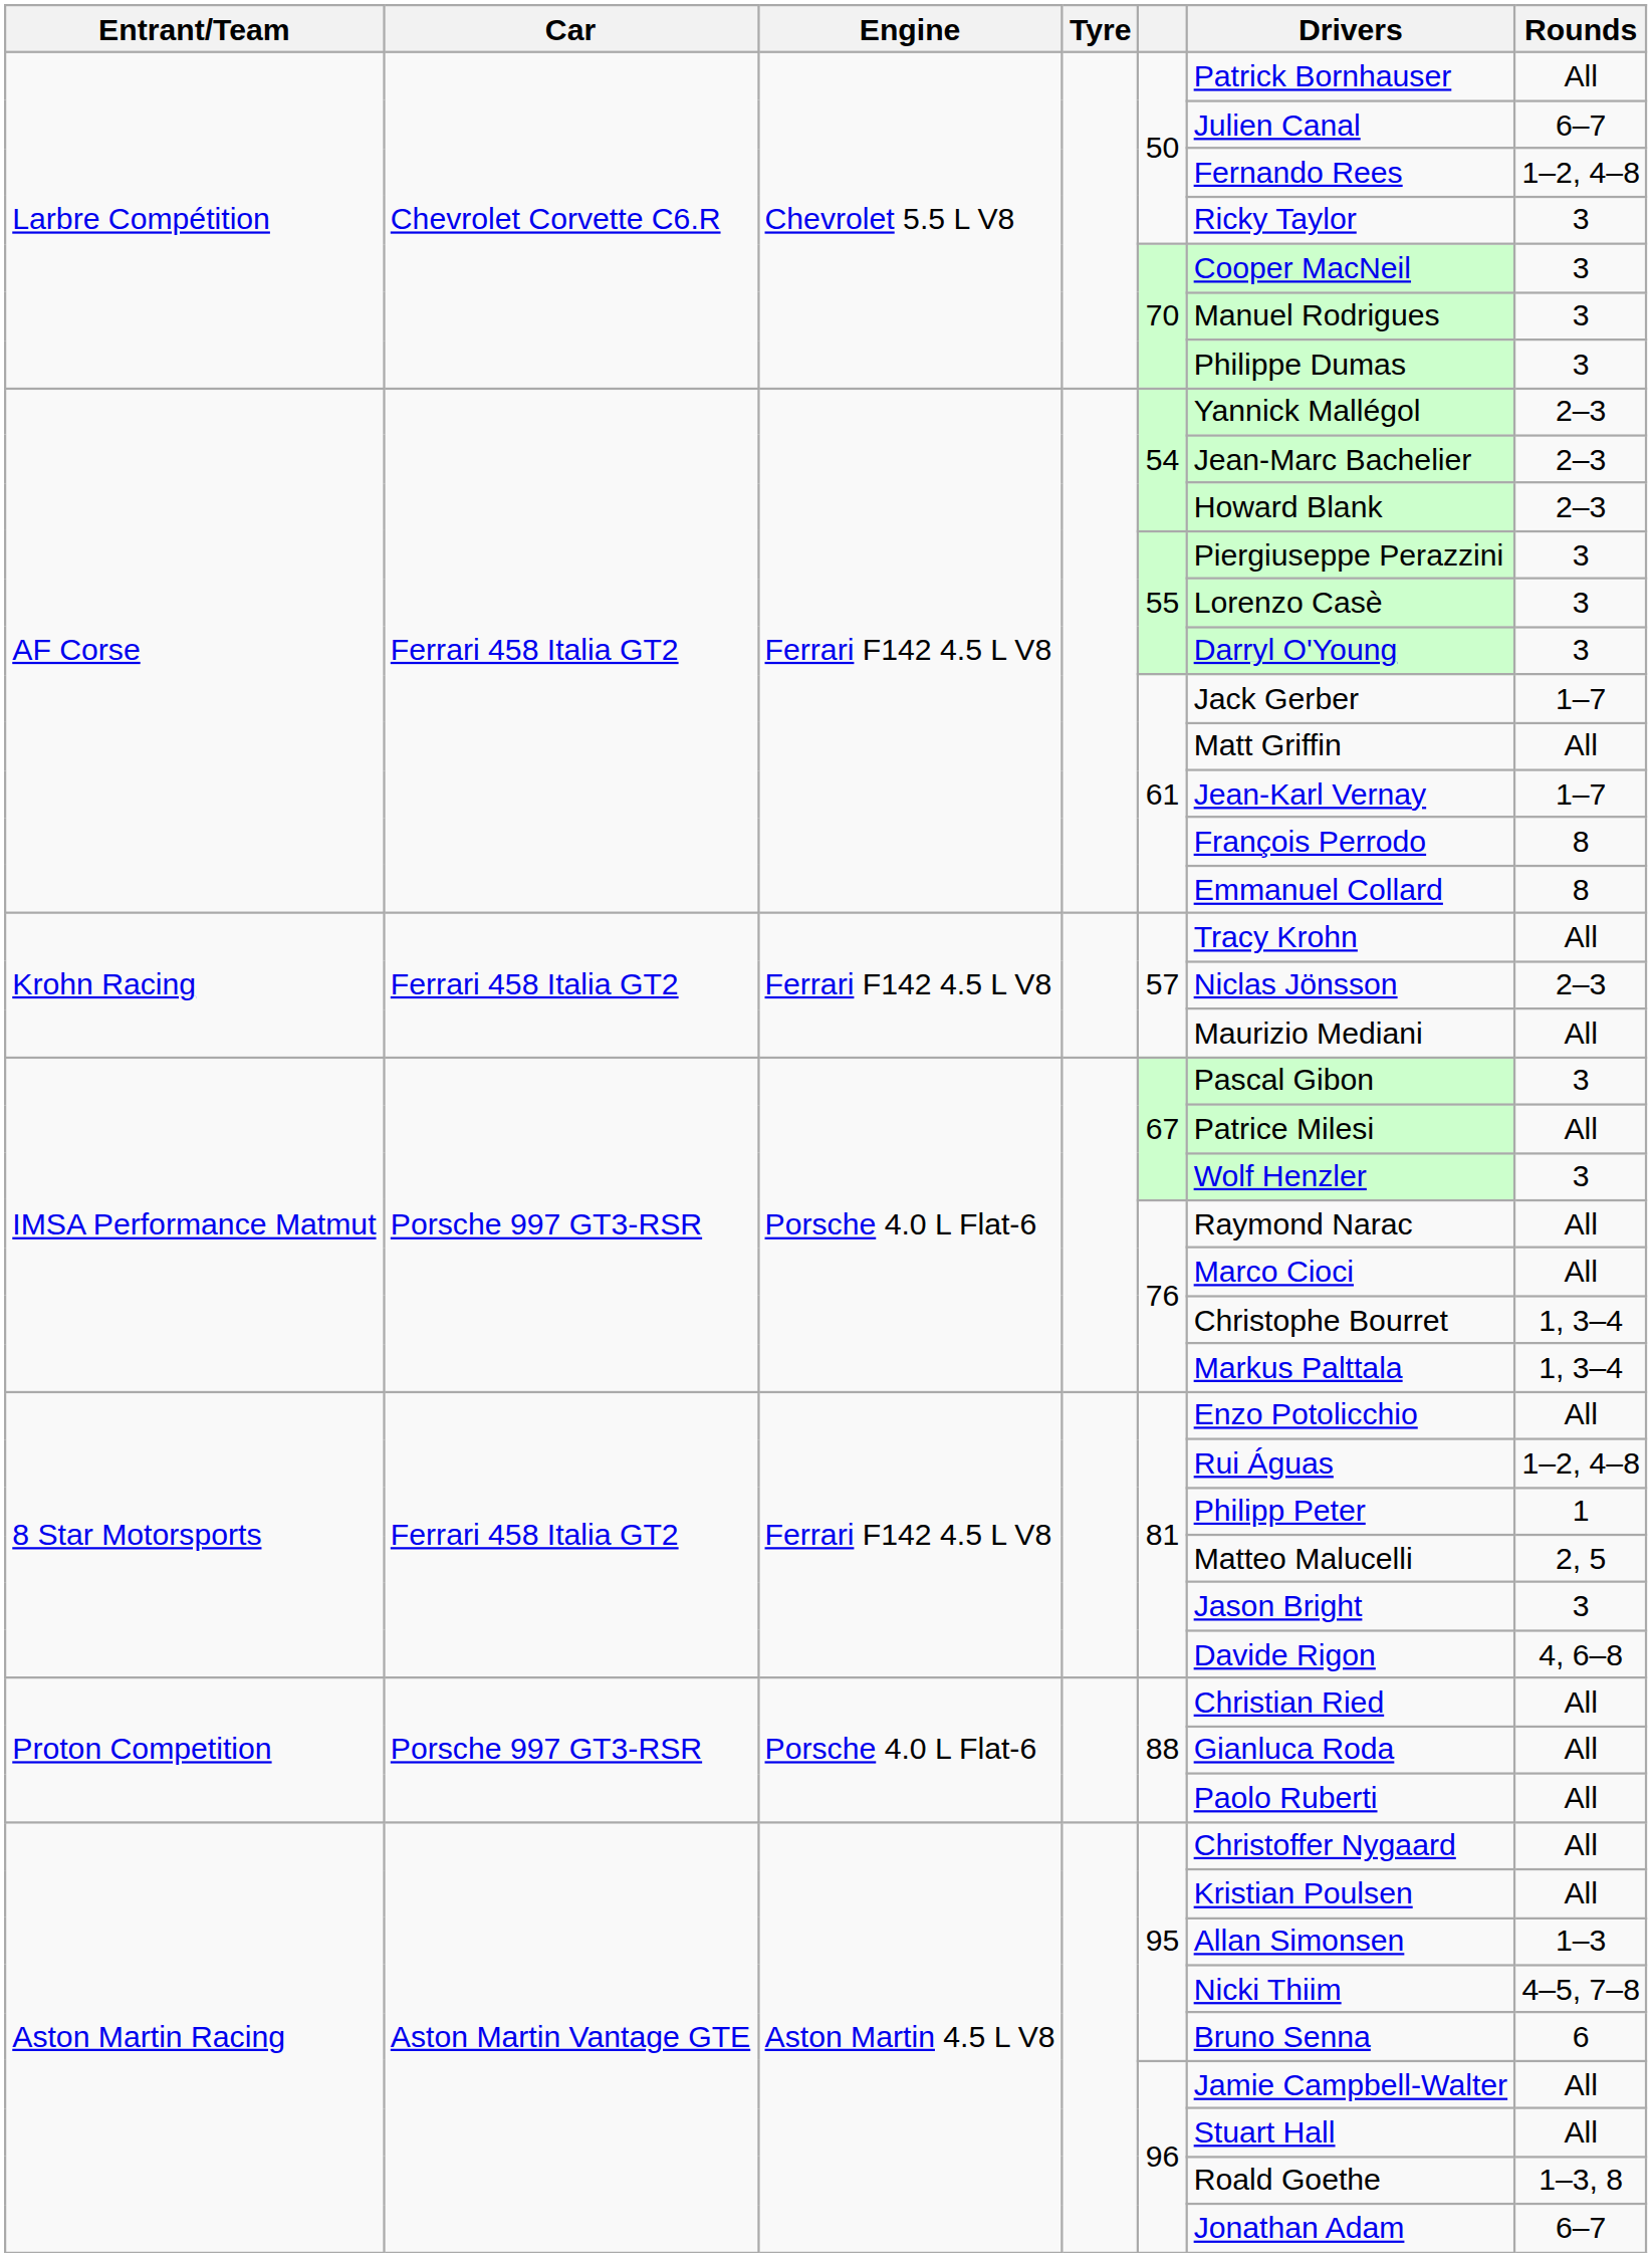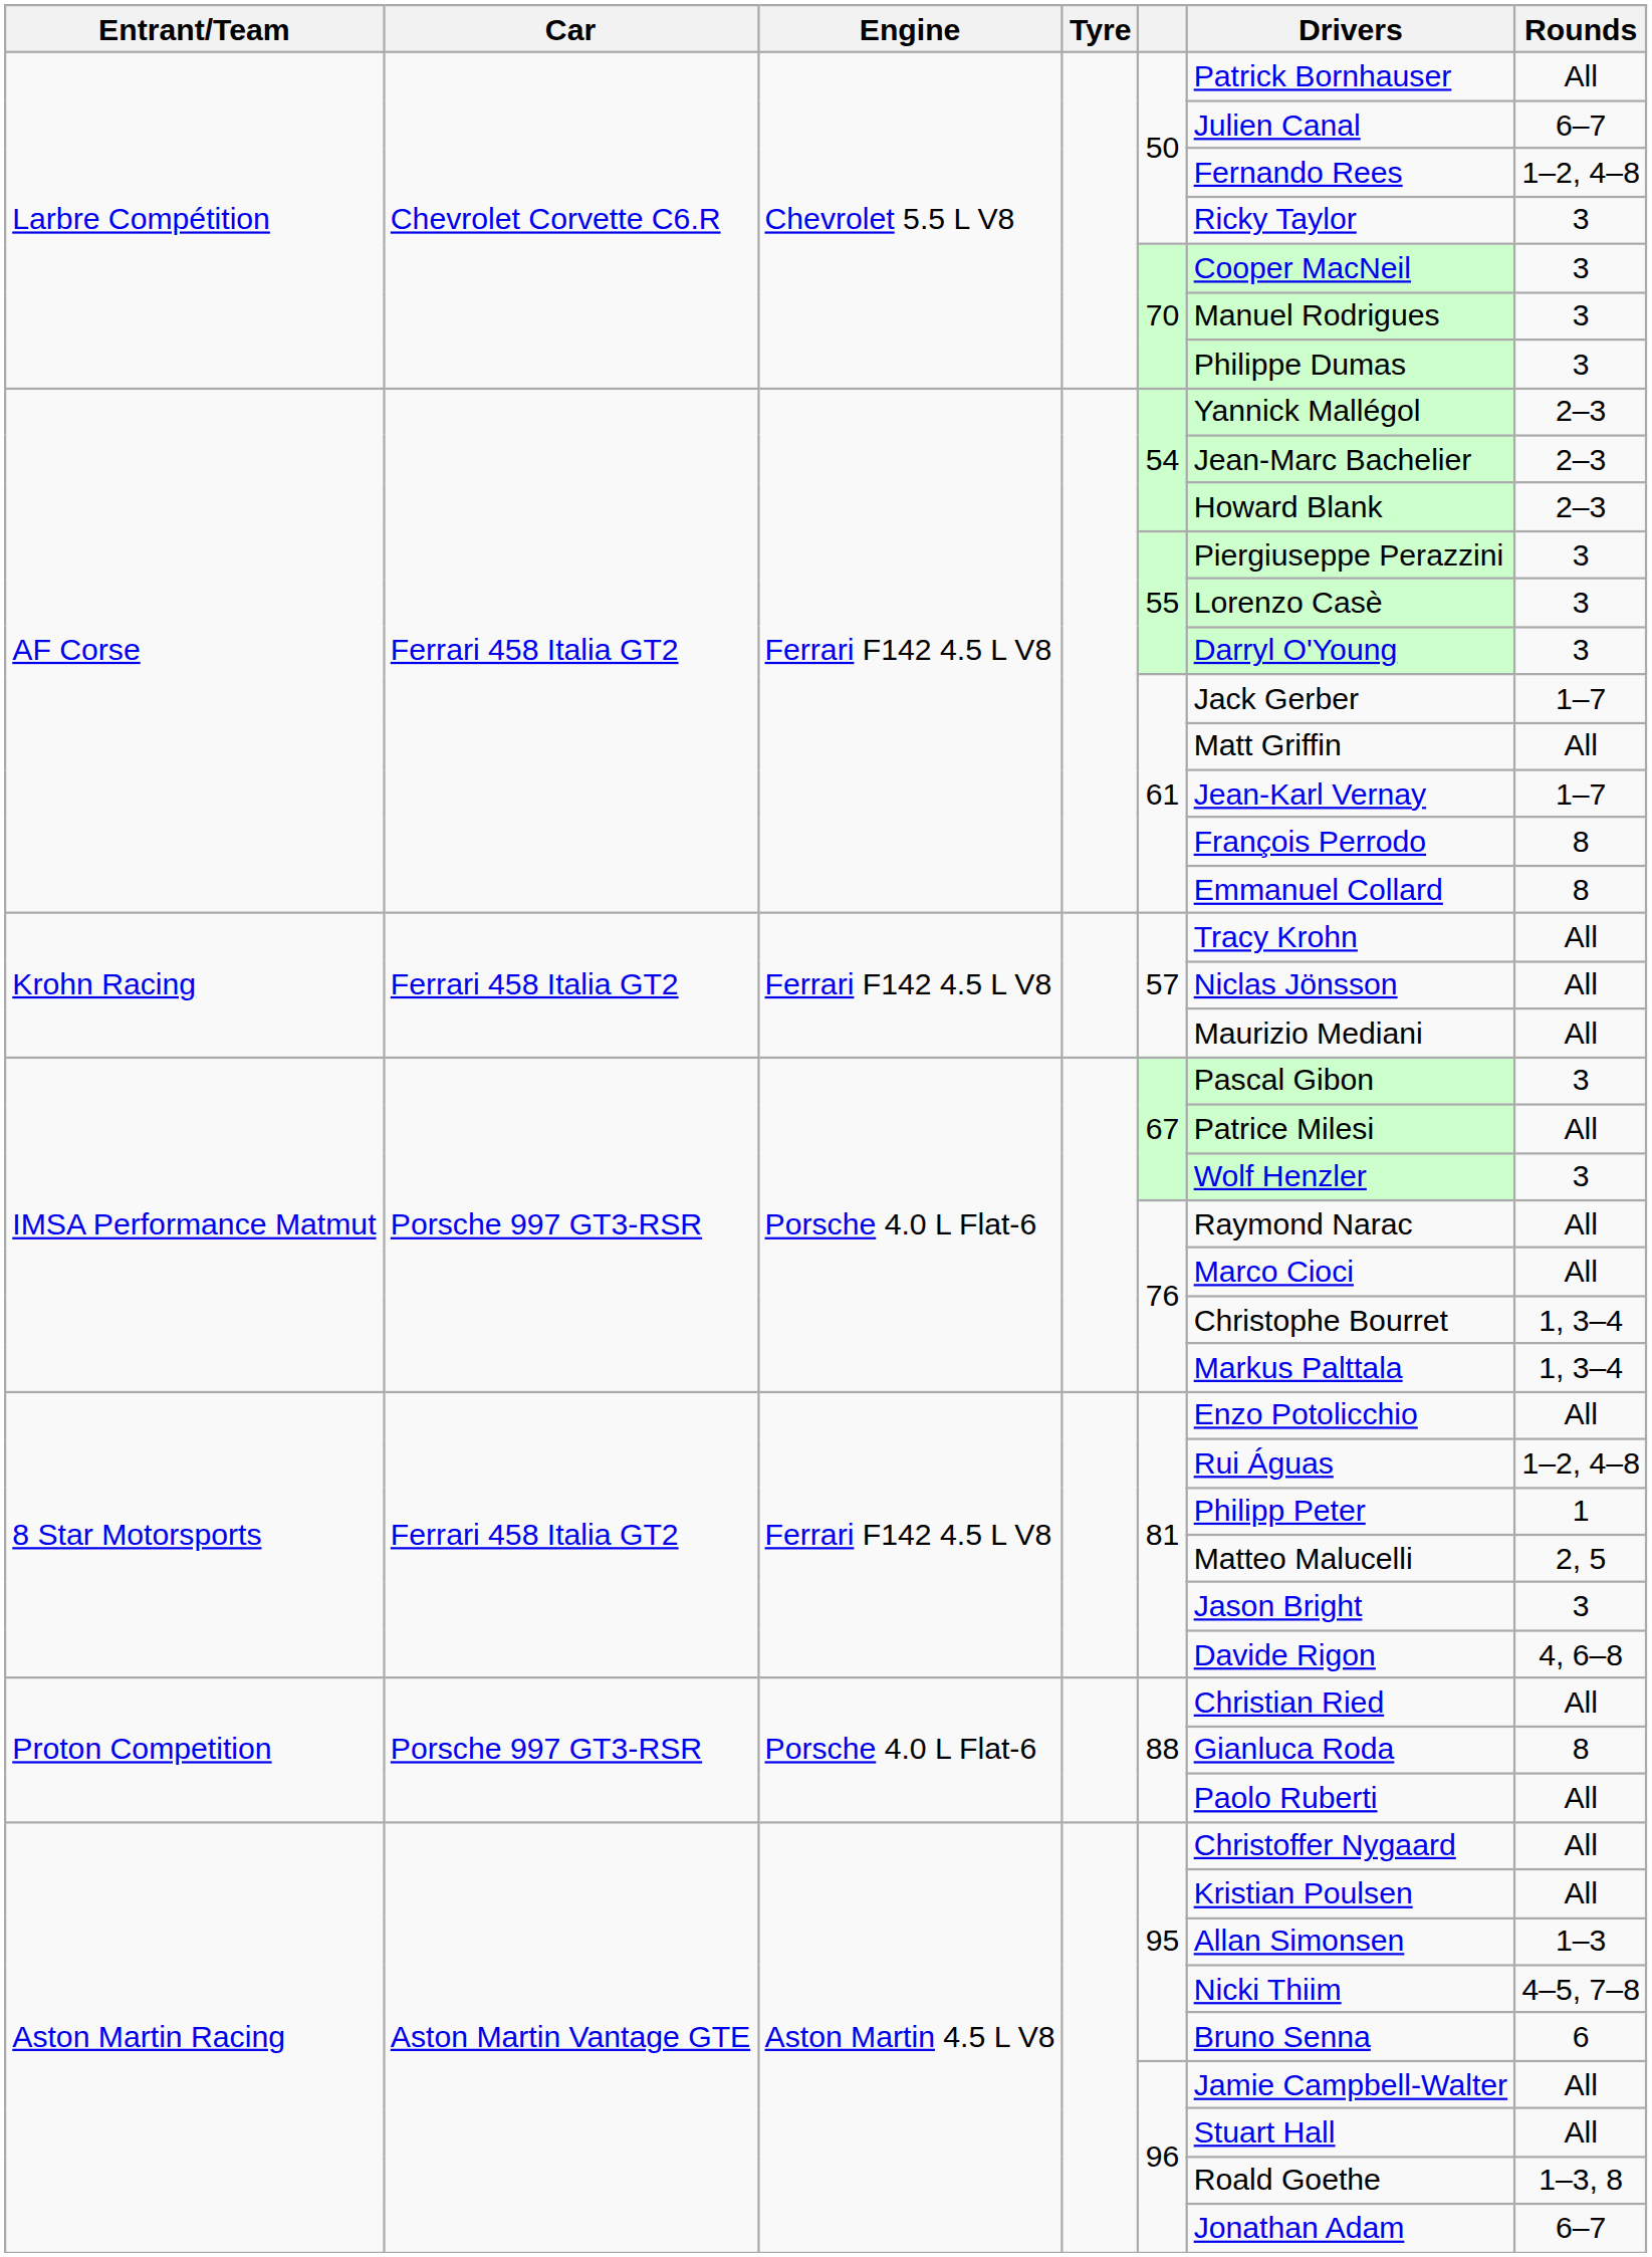 <table class="wikitable" style="font-size: 85%">
 <tr>
 <th>Entrant/Team</th>
 <th>Car</th>
 <th>Engine</th>
 <th>Tyre</th>
 <th></th>
 <th>Drivers</th>
 <th>Rounds</th>
 </tr>
 <tr>
 <td rowspan=7> <a href='#'>Larbre Compétition</a></td>
 <td rowspan=7><a href='#'>Chevrolet Corvette C6.R</a></td>
 <td rowspan=7><a href='#'>Chevrolet</a> 5.5 L V8</td>
 <td rowspan=7></td>
 <td rowspan=4>50</td>
 <td> <a href='#'>Patrick Bornhauser</a></td>
 <td align=center>All</td>
 </tr>
 <tr>
 <td> <a href='#'>Julien Canal</a></td>
 <td align=center>6–7</td>
 </tr>
 <tr>
 <td> <a href='#'>Fernando Rees</a></td>
 <td align=center>1–2, 4–8</td>
 </tr>
 <tr>
 <td> <a href='#'>Ricky Taylor</a></td>
 <td align=center>3</td>
 </tr>
 <tr>
 <td rowspan=3 style="background:#ccffcc;">70</td>
 <td style="background:#ccffcc;"> <a href='#'>Cooper MacNeil</a></td>
 <td align=center>3</td>
 </tr>
 <tr>
 <td style="background:#ccffcc;"> Manuel Rodrigues</td>
 <td align=center>3</td>
 </tr>
 <tr>
 <td style="background:#ccffcc;"> Philippe Dumas</td>
 <td align=center>3</td>
 </tr>
 <tr>
 <td rowspan=11> <a href='#'>AF Corse</a></td>
 <td rowspan=11><a href='#'>Ferrari 458 Italia GT2</a></td>
 <td rowspan=11><a href='#'>Ferrari</a> F142 4.5 L V8</td>
 <td rowspan=11></td>
 <td style="background:#ccffcc;" rowspan=3>54</td>
 <td style="background:#ccffcc;"> Yannick Mallégol</td>
 <td align=center>2–3</td>
 </tr>
 <tr>
 <td style="background:#ccffcc;"> Jean-Marc Bachelier</td>
 <td align=center>2–3</td>
 </tr>
 <tr>
 <td style="background:#ccffcc;"> Howard Blank</td>
 <td align=center>2–3</td>
 </tr>
 <tr>
 <td style="background:#ccffcc;" rowspan=3>55</td>
 <td style="background:#ccffcc;"> Piergiuseppe Perazzini</td>
 <td align=center>3</td>
 </tr>
 <tr>
 <td style="background:#ccffcc;"> Lorenzo Casè</td>
 <td align=center>3</td>
 </tr>
 <tr>
 <td style="background:#ccffcc;"> <a href='#'>Darryl O'Young</a></td>
 <td align=center>3</td>
 </tr>
 <tr>
 <td rowspan=5>61</td>
 <td> Jack Gerber</td>
 <td align=center>1–7</td>
 </tr>
 <tr>
 <td> Matt Griffin</td>
 <td align=center>All</td>
 </tr>
 <tr>
 <td> <a href='#'>Jean-Karl Vernay</a></td>
 <td align=center>1–7</td>
 </tr>
 <tr>
 <td> <a href='#'>François Perrodo</a></td>
 <td align=center>8</td>
 </tr>
 <tr>
 <td> <a href='#'>Emmanuel Collard</a></td>
 <td align=center>8</td>
 </tr>
 <tr>
 <td rowspan=3> <a href='#'>Krohn Racing</a></td>
 <td rowspan=3><a href='#'>Ferrari 458 Italia GT2</a></td>
 <td rowspan=3><a href='#'>Ferrari</a> F142 4.5 L V8</td>
 <td rowspan=3></td>
 <td rowspan=3>57</td>
 <td> <a href='#'>Tracy Krohn</a></td>
 <td align=center>All</td>
 </tr>
 <tr>
 <td> <a href='#'>Niclas Jönsson</a></td>
-<td align=center>2–3</td>
+<td align=center>All</td>
 </tr>
 <tr>
 <td> Maurizio Mediani</td>
 <td align=center>All</td>
 </tr>
 <tr>
 <td rowspan=7> <a href='#'>IMSA Performance Matmut</a></td>
 <td rowspan=7><a href='#'>Porsche 997 GT3-RSR</a></td>
 <td rowspan=7><a href='#'>Porsche</a> 4.0 L Flat-6</td>
 <td rowspan=7></td>
 <td rowspan=3 style="background:#ccffcc;">67</td>
 <td style="background:#ccffcc;"> Pascal Gibon</td>
 <td align=center>3</td>
 </tr>
 <tr>
 <td style="background:#ccffcc;"> Patrice Milesi</td>
 <td align=center>All</td>
 </tr>
 <tr>
 <td style="background:#ccffcc;"> <a href='#'>Wolf Henzler</a></td>
 <td align=center>3</td>
 </tr>
 <tr>
 <td rowspan=4>76</td>
 <td> Raymond Narac</td>
 <td align=center>All</td>
 </tr>
 <tr>
 <td> <a href='#'>Marco Cioci</a></td>
 <td align=center>All</td>
 </tr>
 <tr>
 <td> Christophe Bourret</td>
 <td align=center>1, 3–4</td>
 </tr>
 <tr>
 <td> <a href='#'>Markus Palttala</a></td>
 <td align=center>1, 3–4</td>
 </tr>
 <tr>
 <td rowspan=6> <a href='#'>8 Star Motorsports</a></td>
 <td rowspan=6><a href='#'>Ferrari 458 Italia GT2</a></td>
 <td rowspan=6><a href='#'>Ferrari</a> F142 4.5 L V8</td>
 <td rowspan=6></td>
 <td rowspan=6>81</td>
 <td> <a href='#'>Enzo Potolicchio</a></td>
 <td align=center>All</td>
 </tr>
 <tr>
 <td> <a href='#'>Rui Águas</a></td>
 <td align=center>1–2, 4–8</td>
 </tr>
 <tr>
 <td> <a href='#'>Philipp Peter</a></td>
 <td align=center>1</td>
 </tr>
 <tr>
 <td> Matteo Malucelli</td>
 <td align=center>2, 5</td>
 </tr>
 <tr>
 <td> <a href='#'>Jason Bright</a></td>
 <td align=center>3</td>
 </tr>
 <tr>
 <td> <a href='#'>Davide Rigon</a></td>
 <td align=center>4, 6–8</td>
 </tr>
 <tr>
 <td rowspan=3> <a href='#'>Proton Competition</a></td>
 <td rowspan=3><a href='#'>Porsche 997 GT3-RSR</a></td>
 <td rowspan=3><a href='#'>Porsche</a> 4.0 L Flat-6</td>
 <td rowspan=3></td>
 <td rowspan=3>88</td>
 <td> <a href='#'>Christian Ried</a></td>
 <td align=center>All</td>
 </tr>
 <tr>
 <td> <a href='#'>Gianluca Roda</a></td>
-<td align=center>All</td>
+<td align=center>8</td>
 </tr>
 <tr>
 <td> <a href='#'>Paolo Ruberti</a></td>
 <td align=center>All</td>
 </tr>
 <tr>
 <td rowspan=9> <a href='#'>Aston Martin Racing</a></td>
 <td rowspan=9><a href='#'>Aston Martin Vantage GTE</a></td>
 <td rowspan=9><a href='#'>Aston Martin</a> 4.5 L V8</td>
 <td rowspan=9></td>
 <td rowspan=5>95</td>
 <td> <a href='#'>Christoffer Nygaard</a></td>
 <td align=center>All</td>
 </tr>
 <tr>
 <td> <a href='#'>Kristian Poulsen</a></td>
 <td align=center>All</td>
 </tr>
 <tr>
 <td> <a href='#'>Allan Simonsen</a></td>
 <td align=center>1–3</td>
 </tr>
 <tr>
 <td> <a href='#'>Nicki Thiim</a></td>
 <td align=center>4–5, 7–8</td>
 </tr>
 <tr>
 <td> <a href='#'>Bruno Senna</a></td>
 <td align=center>6</td>
 </tr>
 <tr>
 <td rowspan=4>96</td>
 <td> <a href='#'>Jamie Campbell-Walter</a></td>
 <td align=center>All</td>
 </tr>
 <tr>
 <td> <a href='#'>Stuart Hall</a></td>
 <td align=center>All</td>
 </tr>
 <tr>
 <td> Roald Goethe</td>
 <td align=center>1–3, 8</td>
 </tr>
 <tr>
 <td> <a href='#'>Jonathan Adam</a></td>
 <td align=center>6–7</td>
 </tr>
 </table>
